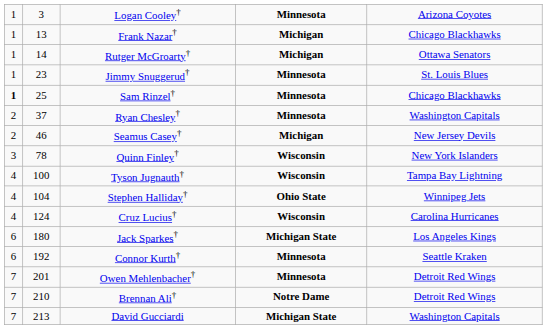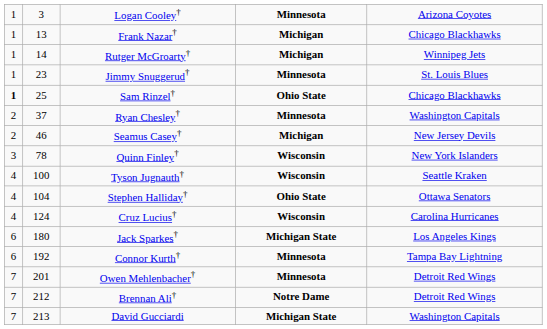 <table class="wikitable sortable" width="50%">
 <tr align="center" bgcolor="">
 <td>1</td>
 <td>3</td>
 <td><a href='#'>Logan Cooley</a><sup>†</sup></td>
 <td><strong>Minnesota</strong></td>
 <td><a href='#'>Arizona Coyotes</a></td>
 </tr>
 <tr align="center" bgcolor="">
 <td>1</td>
 <td>13</td>
 <td><a href='#'>Frank Nazar</a><sup>†</sup></td>
 <td><strong>Michigan</strong></td>
 <td><a href='#'>Chicago Blackhawks</a></td>
 </tr>
 <tr align="center" bgcolor="">
 <td>1</td>
 <td>14</td>
 <td><a href='#'>Rutger McGroarty</a><sup>†</sup></td>
 <td><strong>Michigan</strong></td>
-<td><a href='#'>Ottawa Senators</a></td>
+<td><a href='#'>Winnipeg Jets</a></td>
 </tr>
 <tr align="center" bgcolor="">
 <td>1</td>
 <td>23</td>
 <td><a href='#'>Jimmy Snuggerud</a><sup>†</sup></td>
 <td><strong>Minnesota</strong></td>
 <td><a href='#'>St. Louis Blues</a></td>
 </tr>
 <tr align="center" bgcolor="">
 <td><strong>1</strong></td>
 <td>25</td>
 <td><a href='#'>Sam Rinzel</a><sup>†</sup></td>
-<td><strong>Minnesota</strong></td>
+<td><strong>Ohio State</strong></td>
 <td><a href='#'>Chicago Blackhawks</a></td>
 </tr>
 <tr align="center" bgcolor="">
 <td>2</td>
 <td>37</td>
 <td><a href='#'>Ryan Chesley</a><sup>†</sup></td>
 <td><strong>Minnesota</strong></td>
 <td><a href='#'>Washington Capitals</a></td>
 </tr>
 <tr align="center" bgcolor="">
 <td>2</td>
 <td>46</td>
 <td><a href='#'>Seamus Casey</a><sup>†</sup></td>
 <td><strong>Michigan</strong></td>
 <td><a href='#'>New Jersey Devils</a></td>
 </tr>
 <tr align="center" bgcolor="">
 <td>3</td>
 <td>78</td>
 <td><a href='#'>Quinn Finley</a><sup>†</sup></td>
 <td><strong>Wisconsin</strong></td>
 <td><a href='#'>New York Islanders</a></td>
 </tr>
 <tr align="center" bgcolor="">
 <td>4</td>
 <td>100</td>
 <td><a href='#'>Tyson Jugnauth</a><sup>†</sup></td>
 <td><strong>Wisconsin</strong></td>
-<td><a href='#'>Tampa Bay Lightning</a></td>
+<td><a href='#'>Seattle Kraken</a></td>
 </tr>
 <tr align="center" bgcolor="">
 <td>4</td>
 <td>104</td>
 <td><a href='#'>Stephen Halliday</a><sup>†</sup></td>
 <td><strong>Ohio State</strong></td>
-<td><a href='#'>Winnipeg Jets</a></td>
+<td><a href='#'>Ottawa Senators</a></td>
 </tr>
 <tr align="center" bgcolor="">
 <td>4</td>
 <td>124</td>
 <td><a href='#'>Cruz Lucius</a><sup>†</sup></td>
 <td><strong>Wisconsin</strong></td>
 <td><a href='#'>Carolina Hurricanes</a></td>
 </tr>
 <tr align="center" bgcolor="">
 <td>6</td>
 <td>180</td>
 <td><a href='#'>Jack Sparkes</a><sup>†</sup></td>
 <td><strong>Michigan State</strong></td>
 <td><a href='#'>Los Angeles Kings</a></td>
 </tr>
 <tr align="center" bgcolor="">
 <td>6</td>
 <td>192</td>
 <td><a href='#'>Connor Kurth</a><sup>†</sup></td>
 <td><strong>Minnesota</strong></td>
-<td><a href='#'>Seattle Kraken</a></td>
+<td><a href='#'>Tampa Bay Lightning</a></td>
 </tr>
 <tr align="center" bgcolor="">
 <td>7</td>
 <td>201</td>
 <td><a href='#'>Owen Mehlenbacher</a><sup>†</sup></td>
 <td><strong>Minnesota</strong></td>
 <td><a href='#'>Detroit Red Wings</a></td>
 </tr>
 <tr align="center" bgcolor="">
 <td>7</td>
-<td>210</td>
+<td>212</td>
 <td><a href='#'>Brennan Ali</a><sup>†</sup></td>
 <td><strong>Notre Dame</strong></td>
 <td><a href='#'>Detroit Red Wings</a></td>
 </tr>
 <tr align="center" bgcolor="">
 <td>7</td>
 <td>213</td>
 <td><a href='#'>David Gucciardi</a></td>
 <td><strong>Michigan State</strong></td>
 <td><a href='#'>Washington Capitals</a></td>
 </tr>
 </table>
